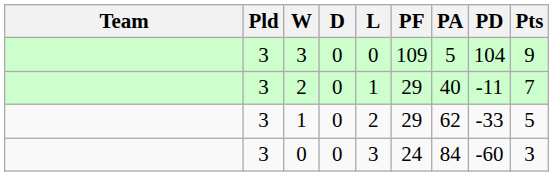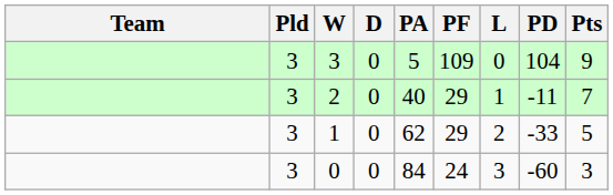 <table class="wikitable" style="text-align:center;">
 <tr>
 <th width=175>Team</th>
 <th width=20 abbr="Played">Pld</th>
 <th width=20 abbr="Won">W</th>
 <th width=20 abbr="Drawn">D</th>
+<th width=20 abbr="Points against">PA</th>
+<th width=20 abbr="Points for">PF</th>
 <th width=20 abbr="Lost">L</th>
-<th width=20 abbr="Points for">PF</th>
-<th width=20 abbr="Points against">PA</th>
 <th width=25 abbr="Points difference">PD</th>
 <th width=20 abbr="Points">Pts</th>
 </tr>
 <tr bgcolor=ccffcc>
 <td style="text-align:left;"></td>
 <td>3</td>
 <td>3</td>
 <td>0</td>
+<td>5</td>
+<td>109</td>
 <td>0</td>
-<td>109</td>
-<td>5</td>
 <td>104</td>
 <td>9</td>
 </tr>
 <tr bgcolor=ccffcc>
 <td style="text-align:left;"></td>
 <td>3</td>
 <td>2</td>
 <td>0</td>
+<td>40</td>
+<td>29</td>
 <td>1</td>
-<td>29</td>
-<td>40</td>
 <td>-11</td>
 <td>7</td>
 </tr>
 <tr>
 <td style="text-align:left;"></td>
 <td>3</td>
 <td>1</td>
 <td>0</td>
+<td>62</td>
+<td>29</td>
 <td>2</td>
-<td>29</td>
-<td>62</td>
 <td>-33</td>
 <td>5</td>
 </tr>
 <tr>
 <td style="text-align:left;"></td>
 <td>3</td>
 <td>0</td>
 <td>0</td>
+<td>84</td>
+<td>24</td>
 <td>3</td>
-<td>24</td>
-<td>84</td>
 <td>-60</td>
 <td>3</td>
 </tr>
 </table>
